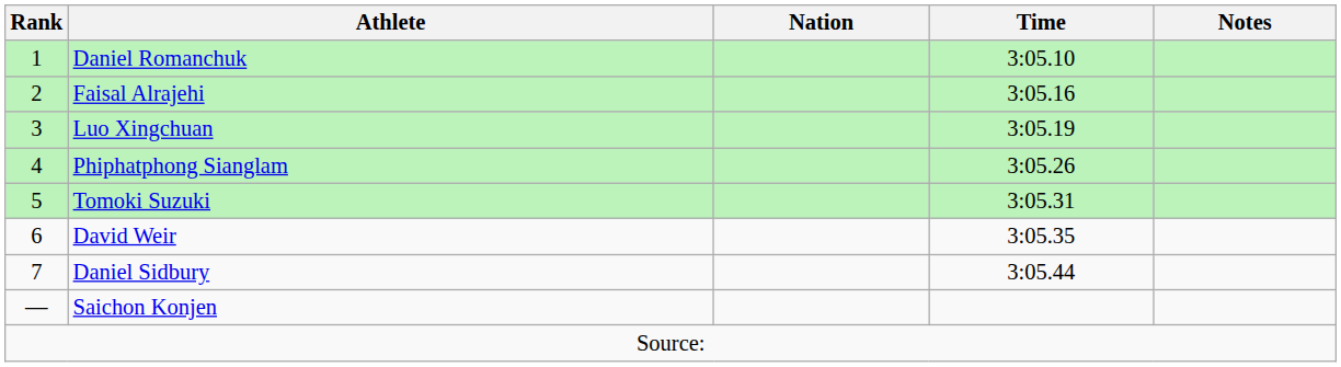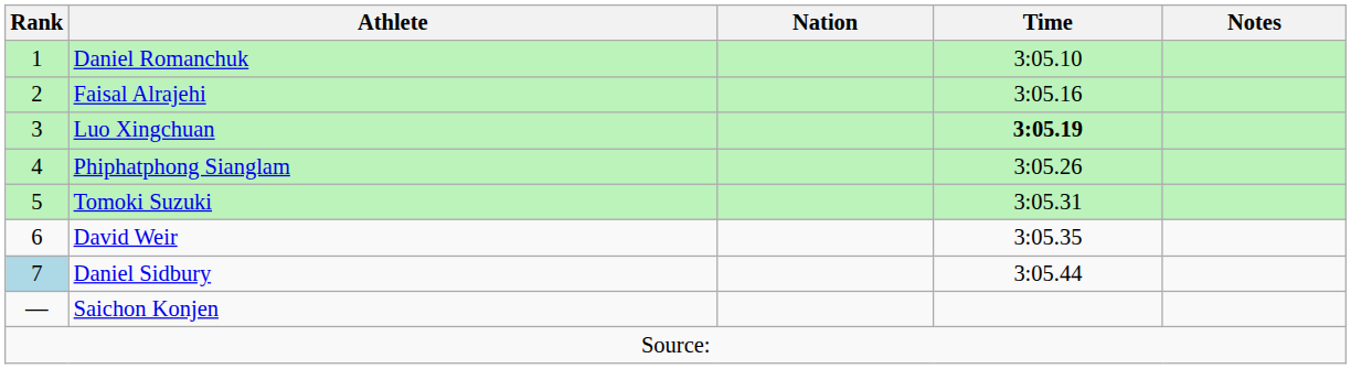 <table class="wikitable sortable" style="text-align:center;width: 60%;">
 <tr>
 <th scope="col" style="width: 10px;">Rank</th>
 <th scope="col">Athlete</th>
 <th scope="col">Nation</th>
 <th scope="col">Time</th>
 <th scope="col">Notes</th>
 </tr>
 <tr bgcolor=bbf3bb>
 <td>1</td>
 <td align=left><a href='#'>Daniel Romanchuk</a></td>
 <td align=left></td>
 <td>3:05.10</td>
 <td></td>
 </tr>
 <tr bgcolor=bbf3bb>
 <td>2</td>
 <td align=left><a href='#'>Faisal Alrajehi</a></td>
 <td align=left></td>
 <td>3:05.16</td>
 <td></td>
 </tr>
 <tr bgcolor=bbf3bb>
 <td>3</td>
 <td align=left><a href='#'>Luo Xingchuan</a></td>
 <td align=left></td>
-<td>3:05.19</td>
+<td><strong>3:05.19</strong></td>
 <td></td>
 </tr>
 <tr bgcolor=bbf3bb>
 <td>4</td>
 <td align=left><a href='#'>Phiphatphong Sianglam</a></td>
 <td align=left></td>
 <td>3:05.26</td>
 <td></td>
 </tr>
 <tr bgcolor=bbf3bb>
 <td>5</td>
 <td align=left><a href='#'>Tomoki Suzuki</a></td>
 <td align=left></td>
 <td>3:05.31</td>
 <td></td>
 </tr>
 <tr>
 <td>6</td>
 <td align=left><a href='#'>David Weir</a></td>
 <td align=left></td>
 <td>3:05.35</td>
 <td></td>
 </tr>
 <tr>
-<td>7</td>
+<td style="background: lightblue;">7</td>
 <td align=left><a href='#'>Daniel Sidbury</a></td>
 <td align=left></td>
 <td>3:05.44</td>
 <td></td>
 </tr>
 <tr>
 <td>—</td>
 <td align=left><a href='#'>Saichon Konjen</a></td>
 <td align=left></td>
 <td></td>
 <td></td>
 </tr>
 <tr class="sortbottom">
 <td colspan="5">Source:</td>
 </tr>
 </table>
